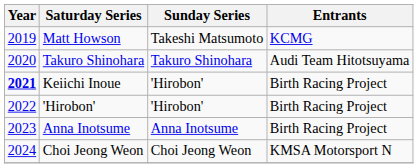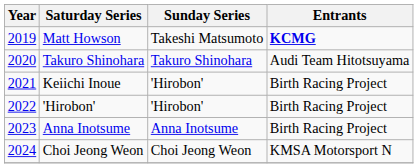 <table class="wikitable">
 <tr>
 <th>Year</th>
 <th>Saturday Series</th>
 <th>Sunday Series</th>
 <th>Entrants</th>
 </tr>
 <tr>
 <td><a href='#'>2019</a></td>
 <td> <a href='#'>Matt Howson</a></td>
 <td> Takeshi Matsumoto</td>
-<td> <a href='#'>KCMG</a></td>
+<td><strong> <a href='#'>KCMG</a></strong></td>
 </tr>
 <tr>
 <td><a href='#'>2020</a></td>
 <td> <a href='#'>Takuro Shinohara</a></td>
 <td> <a href='#'>Takuro Shinohara</a></td>
 <td> Audi Team Hitotsuyama</td>
 </tr>
 <tr>
-<td><strong><a href='#'>2021</a></strong></td>
+<td><a href='#'>2021</a></td>
 <td> Keiichi Inoue</td>
 <td> 'Hirobon'</td>
 <td> Birth Racing Project</td>
 </tr>
 <tr>
 <td><a href='#'>2022</a></td>
 <td> 'Hirobon'</td>
 <td> 'Hirobon'</td>
 <td> Birth Racing Project</td>
 </tr>
 <tr>
 <td><a href='#'>2023</a></td>
 <td> <a href='#'>Anna Inotsume</a></td>
 <td> <a href='#'>Anna Inotsume</a></td>
 <td> Birth Racing Project</td>
 </tr>
 <tr>
 <td><a href='#'>2024</a></td>
 <td> Choi Jeong Weon</td>
 <td> Choi Jeong Weon</td>
 <td> KMSA Motorsport N</td>
 </tr>
 <tr>
 </tr>
 </table>
